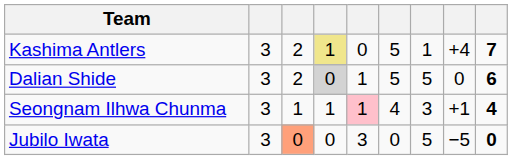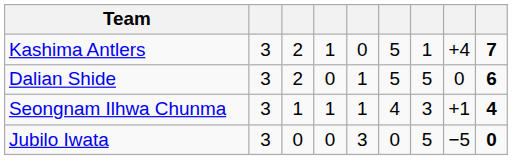 <table class="wikitable" style="text-align: center;">
 <tr>
 <th width=200>Team</th>
 <th width=20></th>
 <th width=20></th>
 <th width=20></th>
 <th width=20></th>
 <th width=20></th>
 <th width=20></th>
 <th width=20></th>
 <th width=20></th>
 </tr>
 <tr>
 <td align=left> <a href='#'>Kashima Antlers</a></td>
 <td>3</td>
 <td>2</td>
-<td style="background: khaki;">1</td>
+<td>1</td>
 <td>0</td>
 <td>5</td>
 <td>1</td>
 <td>+4</td>
 <td><strong>7</strong></td>
 </tr>
 <tr>
 <td align=left> <a href='#'>Dalian Shide</a></td>
 <td>3</td>
 <td>2</td>
-<td style="background: lightgrey;">0</td>
+<td>0</td>
 <td>1</td>
 <td>5</td>
 <td>5</td>
 <td>0</td>
 <td><strong>6</strong></td>
 </tr>
 <tr>
 <td align=left> <a href='#'>Seongnam Ilhwa Chunma</a></td>
 <td>3</td>
 <td>1</td>
 <td>1</td>
-<td style="background: pink;">1</td>
+<td>1</td>
 <td>4</td>
 <td>3</td>
 <td>+1</td>
 <td><strong>4</strong></td>
 </tr>
 <tr>
 <td align=left> <a href='#'>Jubilo Iwata</a></td>
 <td>3</td>
-<td style="background: lightsalmon;">0</td>
+<td>0</td>
 <td>0</td>
 <td>3</td>
 <td>0</td>
 <td>5</td>
 <td>−5</td>
 <td><strong>0</strong></td>
 </tr>
 </table>
